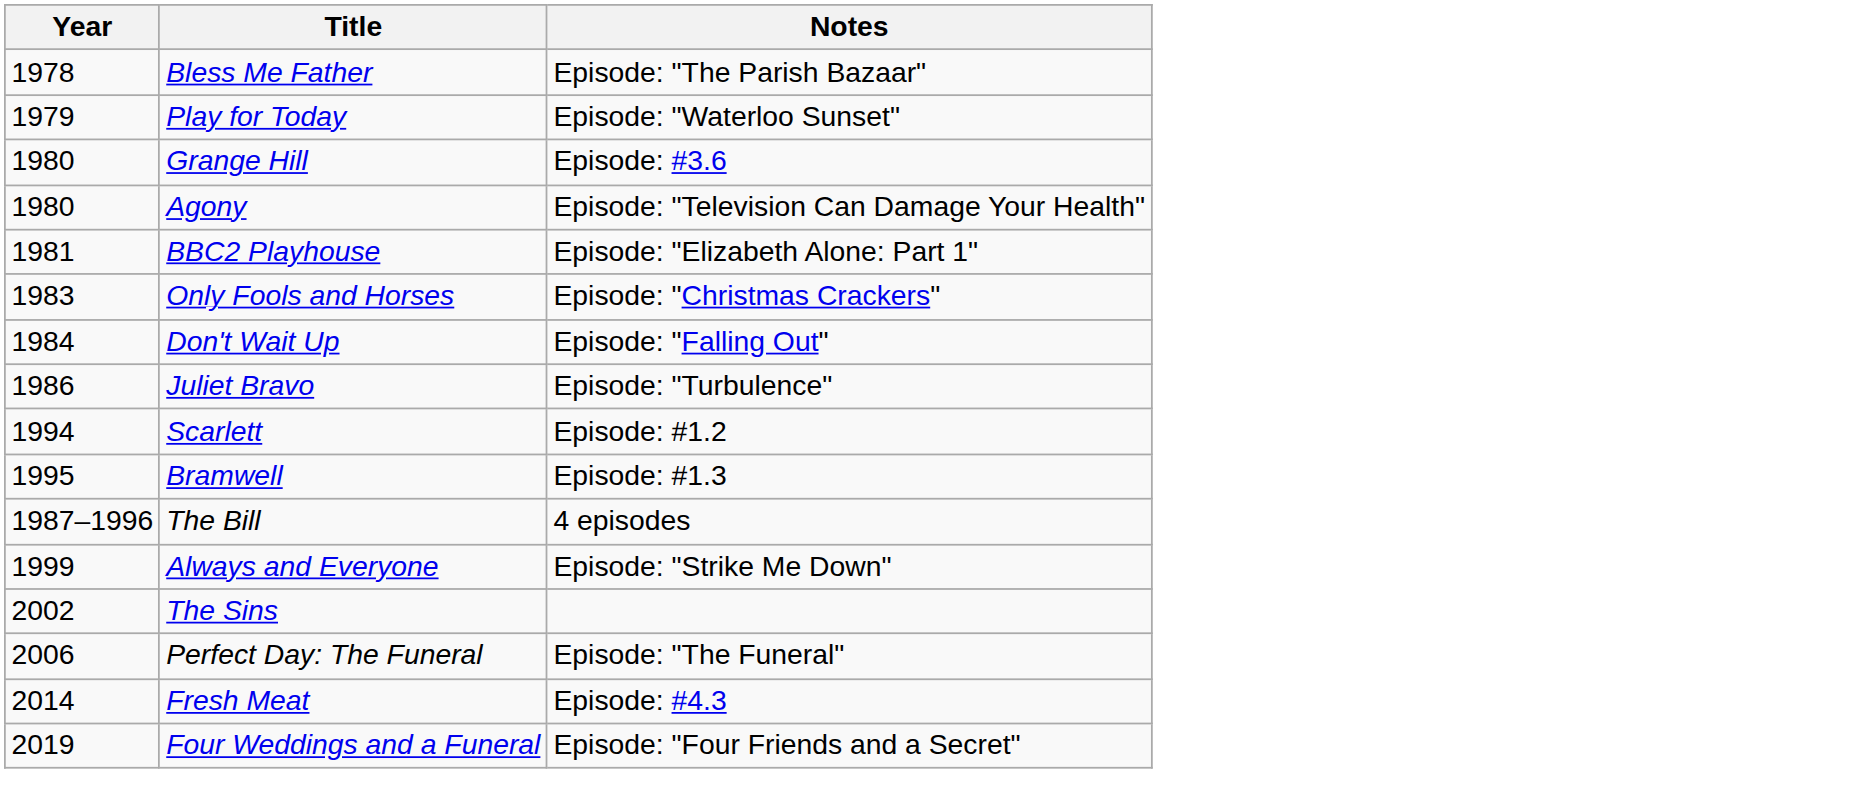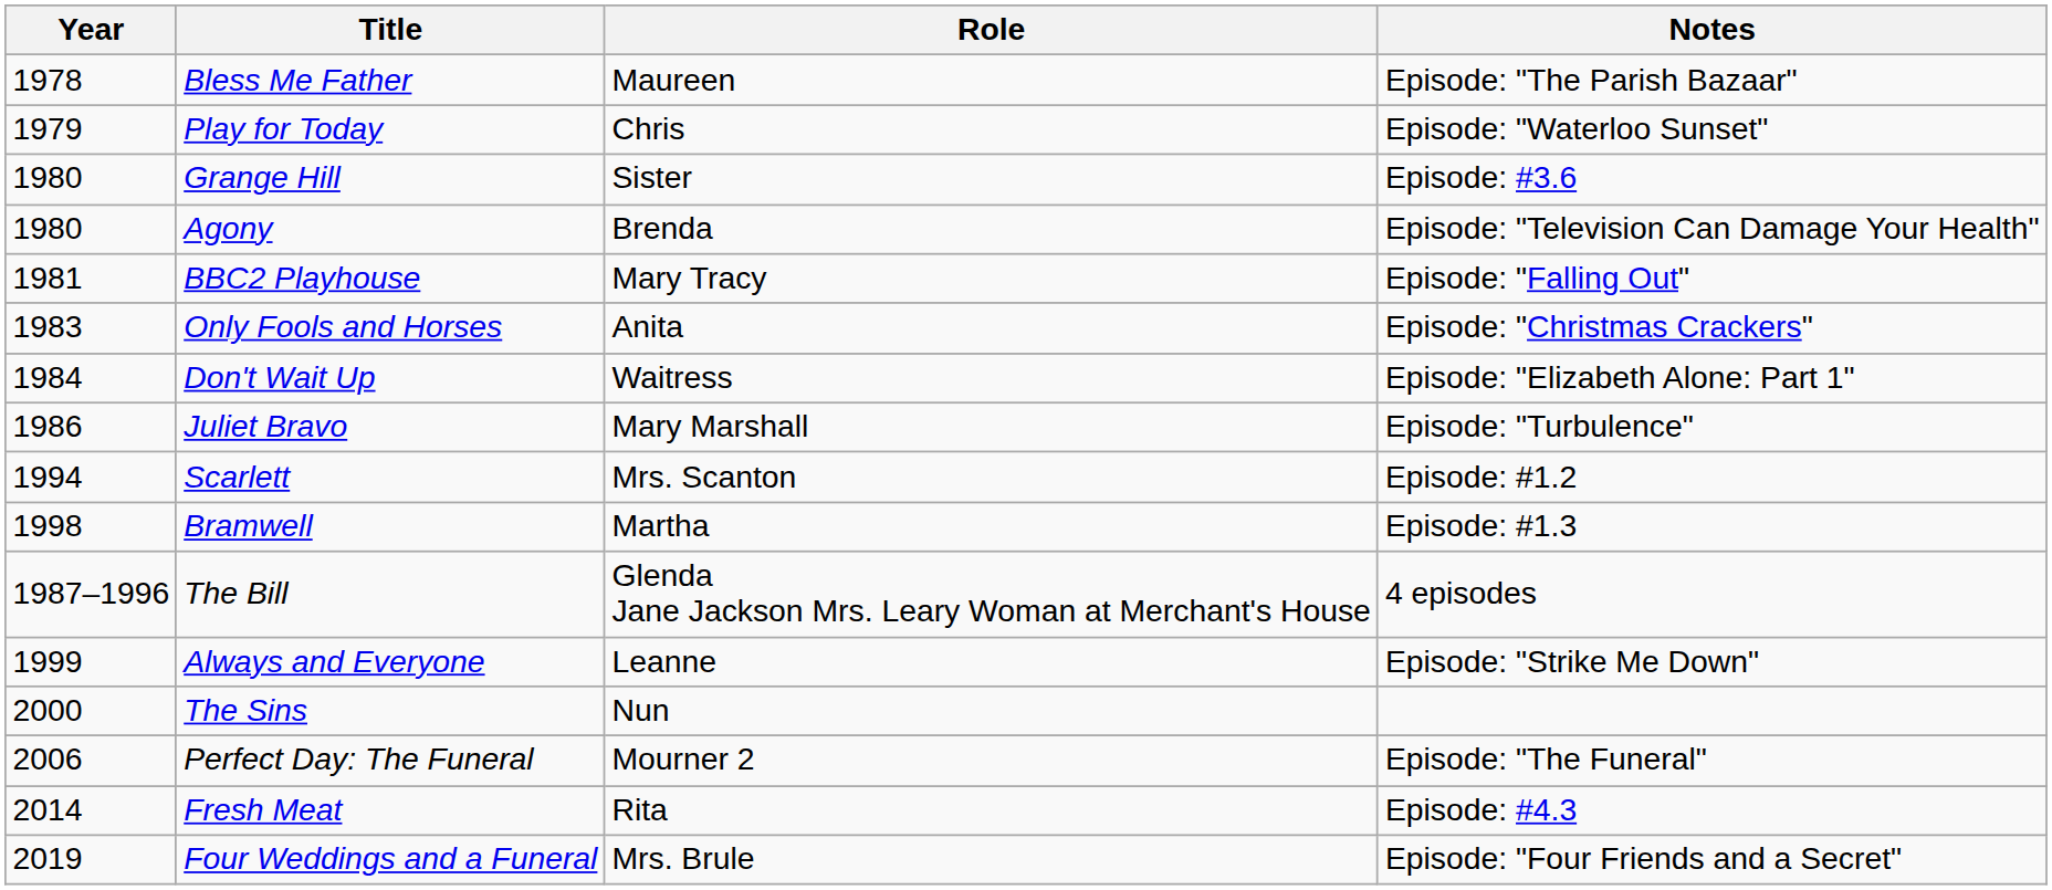 <table class="wikitable sortable">
 <tr>
 <th>Year</th>
 <th>Title</th>
+<th>Role</th>
 <th class="unsortable">Notes</th>
 </tr>
 <tr>
 <td>1978</td>
 <td><em><a href='#'>Bless Me Father</a></em></td>
+<td>Maureen</td>
 <td>Episode: "The Parish Bazaar"</td>
 </tr>
 <tr>
 <td>1979</td>
 <td><em><a href='#'>Play for Today</a></em></td>
+<td>Chris</td>
 <td>Episode: "Waterloo Sunset"</td>
 </tr>
 <tr>
 <td>1980</td>
 <td><em><a href='#'>Grange Hill</a></em></td>
+<td>Sister</td>
 <td>Episode: <a href='#'>#3.6</a></td>
 </tr>
 <tr>
 <td>1980</td>
 <td><em><a href='#'>Agony</a></em></td>
+<td>Brenda</td>
 <td>Episode: "Television Can Damage Your Health"</td>
 </tr>
 <tr>
 <td>1981</td>
 <td><em><a href='#'>BBC2 Playhouse</a></em></td>
-<td>Episode: "Elizabeth Alone: Part 1"</td>
+<td>Mary Tracy</td>
+<td>Episode: "<a href='#'>Falling Out</a>"</td>
 </tr>
 <tr>
 <td>1983</td>
 <td><em><a href='#'>Only Fools and Horses</a></em></td>
+<td>Anita</td>
 <td>Episode: "<a href='#'>Christmas Crackers</a>"</td>
 </tr>
 <tr>
 <td>1984</td>
 <td><em><a href='#'>Don't Wait Up</a></em></td>
-<td>Episode: "<a href='#'>Falling Out</a>"</td>
+<td>Waitress</td>
+<td>Episode: "Elizabeth Alone: Part 1"</td>
 </tr>
 <tr>
 <td>1986</td>
 <td><em><a href='#'>Juliet Bravo</a></em></td>
+<td>Mary Marshall</td>
 <td>Episode: "Turbulence"</td>
 </tr>
 <tr>
 <td>1994</td>
 <td><em><a href='#'>Scarlett</a></em></td>
+<td>Mrs. Scanton</td>
 <td>Episode: #1.2</td>
 </tr>
 <tr>
-<td>1995</td>
+<td>1998</td>
 <td><em><a href='#'>Bramwell</a></em></td>
+<td>Martha</td>
 <td>Episode: #1.3</td>
 </tr>
 <tr>
 <td>1987–1996</td>
 <td><em>The Bill</em></td>
+<td>Glenda<br>Jane Jackson Mrs. Leary Woman at Merchant's House</td>
 <td>4 episodes</td>
 </tr>
 <tr>
 <td>1999</td>
 <td><em><a href='#'>Always and Everyone</a></em></td>
+<td>Leanne</td>
 <td>Episode: "Strike Me Down"</td>
 </tr>
 <tr>
-<td>2002</td>
+<td>2000</td>
 <td><em><a href='#'>The Sins</a></em></td>
+<td>Nun</td>
 <td></td>
 </tr>
 <tr>
 <td>2006</td>
 <td><em>Perfect Day: The Funeral</em></td>
+<td>Mourner 2</td>
 <td>Episode: "The Funeral"</td>
 </tr>
 <tr>
 <td>2014</td>
 <td><em><a href='#'>Fresh Meat</a></em></td>
+<td>Rita</td>
 <td>Episode: <a href='#'>#4.3</a></td>
 </tr>
 <tr>
 <td>2019</td>
 <td><em><a href='#'>Four Weddings and a Funeral</a></em></td>
+<td>Mrs. Brule</td>
 <td>Episode: "Four Friends and a Secret"</td>
 </tr>
 </table>
